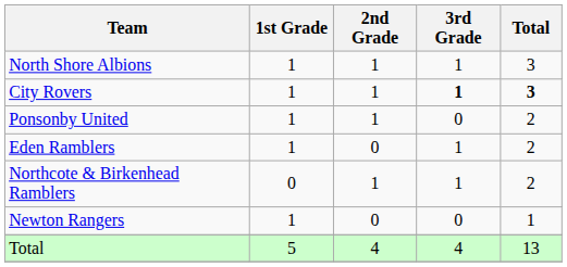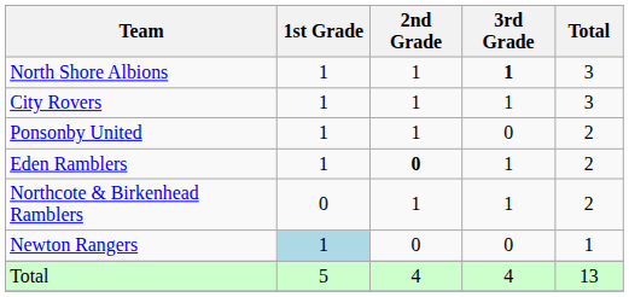 <table class="wikitable" style="text-align:center;">
 <tr>
 <th width=220>Team</th>
 <th width=70 abbr="1st Grade">1st Grade</th>
 <th width=70 abbr="2nd Grade">2nd Grade</th>
 <th width=70 abbr="3rd Grade">3rd Grade</th>
 <th width=50 abbr="Total">Total</th>
 </tr>
 <tr>
 <td style="text-align:left;"><a href='#'>North Shore Albions</a></td>
 <td>1</td>
 <td>1</td>
-<td>1</td>
+<td><strong>1</strong></td>
 <td>3</td>
 </tr>
 <tr>
 <td style="text-align:left;"><a href='#'>City Rovers</a></td>
 <td>1</td>
 <td>1</td>
-<td><strong>1</strong></td>
-<td><strong>3</strong></td>
+<td>1</td>
+<td>3</td>
 </tr>
 <tr>
 <td style="text-align:left;"><a href='#'>Ponsonby United</a></td>
 <td>1</td>
 <td>1</td>
 <td>0</td>
 <td>2</td>
 </tr>
 <tr>
 <td style="text-align:left;"><a href='#'>Eden Ramblers</a></td>
 <td>1</td>
-<td>0</td>
+<td><strong>0</strong></td>
 <td>1</td>
 <td>2</td>
 </tr>
 <tr>
 <td style="text-align:left;"><a href='#'>Northcote & Birkenhead Ramblers</a></td>
 <td>0</td>
 <td>1</td>
 <td>1</td>
 <td>2</td>
 </tr>
 <tr>
 <td style="text-align:left;"><a href='#'>Newton Rangers</a></td>
-<td>1</td>
+<td style="background: lightblue;">1</td>
 <td>0</td>
 <td>0</td>
 <td>1</td>
 </tr>
 <tr>
 </tr>
 <tr style="background: #ccffcc;">
 <td style="text-align:left;">Total</td>
 <td>5</td>
 <td>4</td>
 <td>4</td>
 <td>13</td>
 </tr>
 <tr>
 </tr>
 </table>
